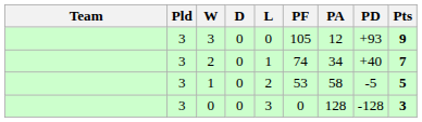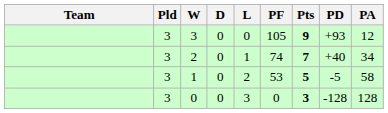 <table class="wikitable" style="text-align:center;">
 <tr>
 <th width=175>Team</th>
 <th width=25 abbr="Played">Pld</th>
 <th width=25 abbr="Won">W</th>
 <th width=25 abbr="Drawn">D</th>
 <th width=25 abbr="Lost">L</th>
 <th width=32 abbr="Points for">PF</th>
+<th width=25 abbr="Points">Pts</th>
+<th width=32 abbr="Points difference">PD</th>
 <th width=32 abbr="Points against">PA</th>
-<th width=32 abbr="Points difference">PD</th>
-<th width=25 abbr="Points">Pts</th>
 </tr>
 <tr bgcolor=ccffcc>
 <td align=left></td>
 <td>3</td>
 <td>3</td>
 <td>0</td>
 <td>0</td>
 <td>105</td>
+<td><strong>9</strong></td>
+<td>+93</td>
 <td>12</td>
-<td>+93</td>
-<td><strong>9</strong></td>
 </tr>
 <tr bgcolor=ccffcc>
 <td align=left></td>
 <td>3</td>
 <td>2</td>
 <td>0</td>
 <td>1</td>
 <td>74</td>
+<td><strong>7</strong></td>
+<td>+40</td>
 <td>34</td>
-<td>+40</td>
-<td><strong>7</strong></td>
 </tr>
 <tr bgcolor=ccffcc>
 <td align=left></td>
 <td>3</td>
 <td>1</td>
 <td>0</td>
 <td>2</td>
 <td>53</td>
+<td><strong>5</strong></td>
+<td>-5</td>
 <td>58</td>
-<td>-5</td>
-<td><strong>5</strong></td>
 </tr>
 <tr bgcolor=ccffcc>
 <td align=left></td>
 <td>3</td>
 <td>0</td>
 <td>0</td>
 <td>3</td>
 <td>0</td>
+<td><strong>3</strong></td>
+<td>-128</td>
 <td>128</td>
-<td>-128</td>
-<td><strong>3</strong></td>
 </tr>
 </table>
